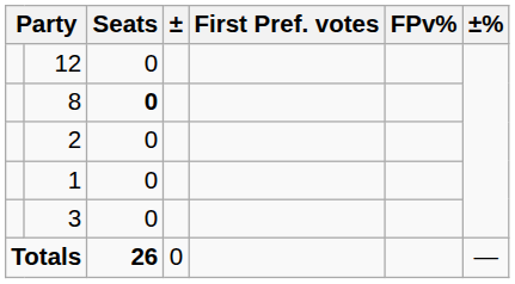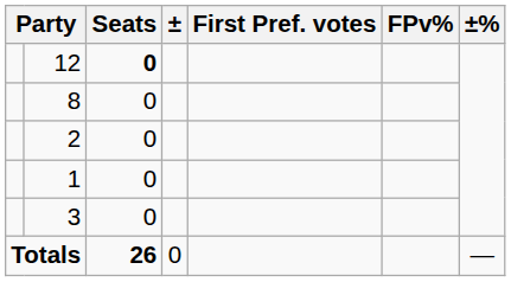 <table class=wikitable>
 <tr>
 <th colspan=2 align=center>Party</th>
 <th valign=top>Seats</th>
 <th valign=top>±</th>
 <th valign=top>First Pref. votes</th>
 <th valign=top>FPv%</th>
 <th valign=top>±%</th>
 </tr>
 <tr>
 <td></td>
 <td align=right>12</td>
-<td align=right>0</td>
+<td align=right><strong>0</strong></td>
 <td align=right></td>
 <td align=right></td>
 <td align=right></td>
 </tr>
 <tr>
 <td></td>
 <td align=right>8</td>
-<td align=right><strong>0</strong></td>
+<td align=right>0</td>
 <td align=right></td>
 <td align=right></td>
 <td align=right></td>
 </tr>
 <tr>
 <td></td>
 <td align=right>2</td>
 <td align=right>0</td>
 <td align=right></td>
 <td align=right></td>
 <td align=right></td>
 </tr>
 <tr>
 <td></td>
 <td align=right>1</td>
 <td align=right>0</td>
 <td align=right></td>
 <td align=right></td>
 <td align=right></td>
 </tr>
 <tr>
 <td></td>
 <td align=right>3</td>
 <td align=right>0</td>
 <td align=right></td>
 <td align=right></td>
 <td align=right></td>
 </tr>
 <tr>
 <td colspan=2 align=center><strong>Totals</strong></td>
 <td align=right><strong>26</strong></td>
 <td align=center>0</td>
 <td align=right></td>
 <td align=center></td>
 <td align=center>—</td>
 </tr>
 </table>
